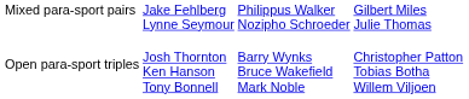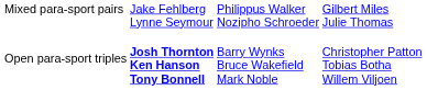 <table>
 <tr>
 <td>Mixed para-sport pairs<br></td>
 <td><br><a href='#'>Jake Fehlberg</a><br><a href='#'>Lynne Seymour</a></td>
 <td><br><a href='#'>Philippus Walker</a><br><a href='#'>Nozipho Schroeder</a></td>
 <td><br><a href='#'>Gilbert Miles</a><br><a href='#'>Julie Thomas</a></td>
 </tr>
 <tr>
 <td>Open para-sport triples<br></td>
-<td><br><a href='#'>Josh Thornton</a><br><a href='#'>Ken Hanson</a><br><a href='#'>Tony Bonnell</a></td>
+<td><strong><br><a href='#'>Josh Thornton</a><br><a href='#'>Ken Hanson</a><br><a href='#'>Tony Bonnell</a></strong></td>
 <td><br><a href='#'>Barry Wynks</a><br><a href='#'>Bruce Wakefield</a><br><a href='#'>Mark Noble</a></td>
 <td><br><a href='#'>Christopher Patton</a><br><a href='#'>Tobias Botha</a><br><a href='#'>Willem Viljoen</a></td>
 </tr>
 </table>
